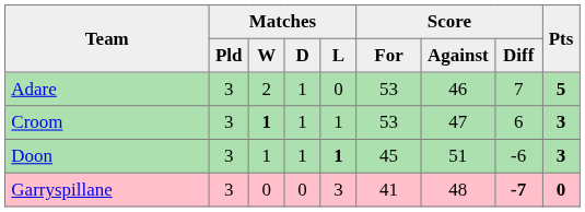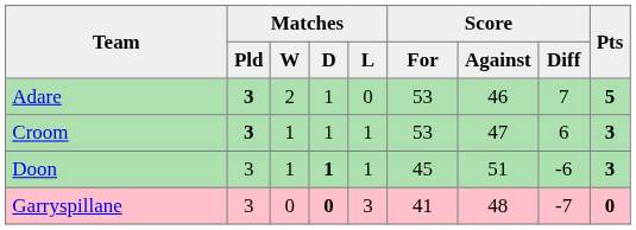 <table style=border-collapse:collapse border=1 cellspacing=0 cellpadding=5>
 <tr align=center bgcolor=#efefef>
 <th rowspan=2 width=165>Team</th>
 <th colspan=4>Matches</th>
 <th colspan=3>Score</th>
 <th rowspan=2width=20>Pts</th>
 </tr>
 <tr align=center bgcolor=#efefef>
 <th width=20>Pld</th>
 <th width=20>W</th>
 <th width=20>D</th>
 <th width=20>L</th>
 <th width=45>For</th>
 <th width=45>Against</th>
 <th width=30>Diff</th>
 </tr>
 <tr align=center style="background:#ACE1AF;">
 <td style="text-align:left;"><a href='#'>Adare</a></td>
-<td>3</td>
+<td><strong>3</strong></td>
 <td>2</td>
 <td>1</td>
 <td>0</td>
 <td>53</td>
 <td>46</td>
 <td>7</td>
 <td><strong>5</strong></td>
 </tr>
 <tr align=center style="background:#ACE1AF;">
 <td style="text-align:left;"><a href='#'>Croom</a></td>
-<td>3</td>
-<td><strong>1</strong></td>
+<td><strong>3</strong></td>
+<td>1</td>
 <td>1</td>
 <td>1</td>
 <td>53</td>
 <td>47</td>
 <td>6</td>
 <td><strong>3</strong></td>
 </tr>
 <tr align=center style="background:#ACE1AF;">
 <td style="text-align:left;"><a href='#'>Doon</a></td>
 <td>3</td>
 <td>1</td>
+<td><strong>1</strong></td>
 <td>1</td>
-<td><strong>1</strong></td>
 <td>45</td>
 <td>51</td>
 <td>-6</td>
 <td><strong>3</strong></td>
 </tr>
 <tr align=center style="background:#FFC0CB;">
 <td style="text-align:left;"><a href='#'>Garryspillane</a></td>
 <td>3</td>
 <td>0</td>
-<td>0</td>
+<td><strong>0</strong></td>
 <td>3</td>
 <td>41</td>
 <td>48</td>
-<td><strong>-7</strong></td>
+<td>-7</td>
 <td><strong>0</strong></td>
 </tr>
 </table>
